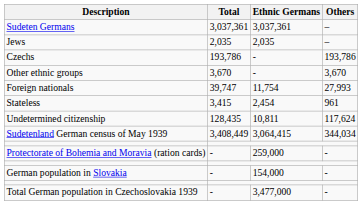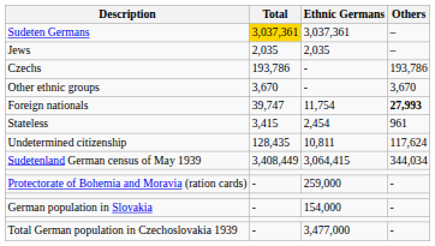 <table class="wikitable sortable">
 <tr>
 <th>Description</th>
 <th>Total</th>
 <th>Ethnic Germans</th>
 <th>Others</th>
 </tr>
 <tr>
 <td><a href='#'>Sudeten Germans</a></td>
-<td>3,037,361</td>
+<td style="background: gold;">3,037,361</td>
 <td>3,037,361</td>
 <td>–</td>
 </tr>
 <tr>
 <td>Jews</td>
 <td>2,035</td>
 <td>2,035</td>
 <td>–</td>
 </tr>
 <tr>
 <td>Czechs</td>
 <td>193,786</td>
 <td>-</td>
 <td>193,786</td>
 </tr>
 <tr>
 <td>Other ethnic groups</td>
 <td>3,670</td>
 <td>-</td>
 <td>3,670</td>
 </tr>
 <tr>
 <td>Foreign nationals</td>
 <td>39,747</td>
 <td>11,754</td>
-<td>27,993</td>
+<td><strong>27,993</strong></td>
 </tr>
 <tr>
 <td>Stateless</td>
 <td>3,415</td>
 <td>2,454</td>
 <td>961</td>
 </tr>
 <tr>
 <td>Undetermined citizenship</td>
 <td>128,435</td>
 <td>10,811</td>
 <td>117,624</td>
 </tr>
 <tr>
 <td><a href='#'>Sudetenland</a> German census of May 1939</td>
 <td>3,408,449</td>
 <td>3,064,415</td>
 <td>344,034</td>
 </tr>
 <tr>
 <td></td>
 </tr>
 <tr>
 <td><a href='#'>Protectorate of Bohemia and Moravia</a> (ration cards)</td>
 <td>-</td>
 <td>259,000</td>
 <td>-</td>
 </tr>
 <tr>
 <td></td>
 </tr>
 <tr>
 <td>German population in <a href='#'>Slovakia</a></td>
 <td>-</td>
 <td>154,000</td>
 <td>-</td>
 </tr>
 <tr>
 <td></td>
 </tr>
 <tr>
 <td>Total German population in Czechoslovakia 1939</td>
 <td>-</td>
 <td>3,477,000</td>
 <td>-</td>
 </tr>
 </table>
